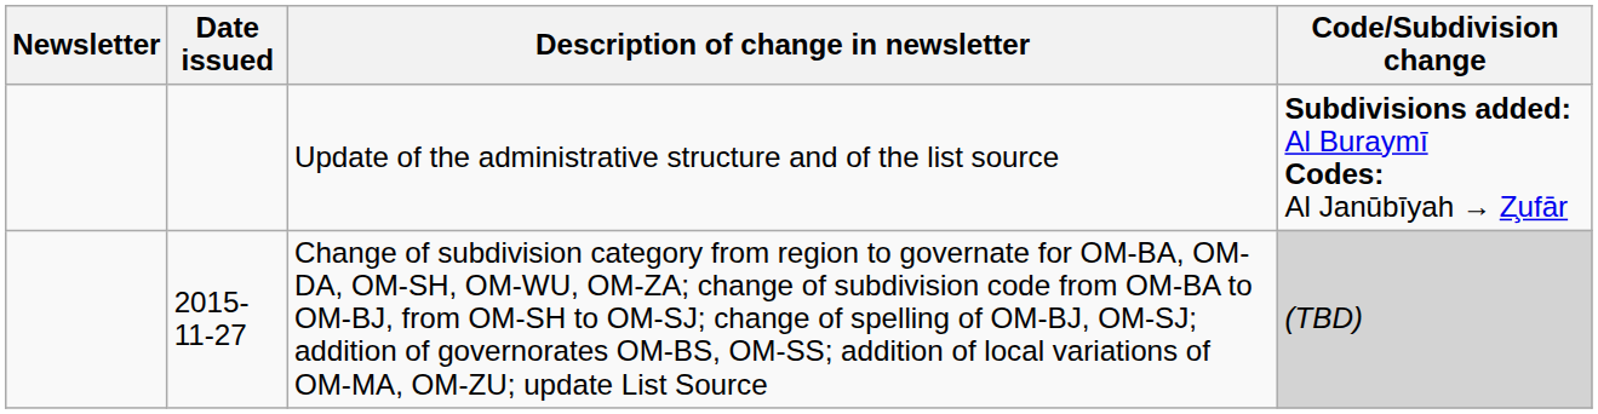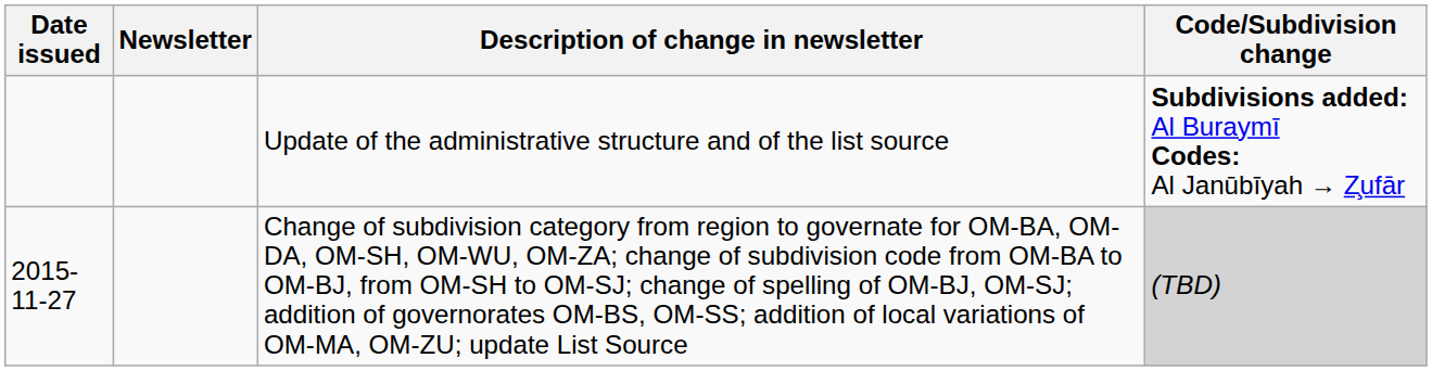 <table class="wikitable">
 <tr>
+<th>Date issued</th>
 <th>Newsletter</th>
-<th>Date issued</th>
 <th>Description of change in newsletter</th>
 <th>Code/Subdivision change</th>
 </tr>
 <tr>
+<td></td>
 <td id="II-2"></td>
-<td></td>
 <td>Update of the administrative structure and of the list source</td>
 <td style=white-space:nowrap><strong>Subdivisions added:</strong><br>  <a href='#'>Al Buraymī</a><br> <strong>Codes:</strong><br>  Al Janūbīyah →  <a href='#'>Z̧ufār</a></td>
 </tr>
 <tr>
+<td>2015-11-27</td>
 <td></td>
-<td>2015-11-27</td>
 <td>Change of subdivision category from region to governate for OM-BA, OM-DA, OM-SH, OM-WU, OM-ZA; change of subdivision code from OM-BA to OM-BJ, from OM-SH to OM-SJ; change of spelling of OM-BJ, OM-SJ; addition of governorates OM-BS, OM-SS; addition of local variations of OM-MA, OM-ZU; update List Source</td>
 <td style="background: lightgrey;"><em>(TBD)</em></td>
 </tr>
 </table>
